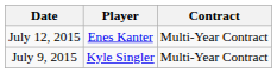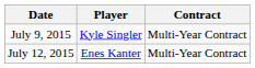 <table class="wikitable" style="text-align: center">
 <tr>
 <th>Date</th>
 <th>Player</th>
 <th>Contract</th>
 </tr>
 <tr style="text-align: center">
+<td>July 9, 2015</td>
+<td><a href='#'>Kyle Singler</a></td>
+<td>Multi-Year Contract</td>
+</tr>
+<tr style="text-align: center">
 <td>July 12, 2015</td>
 <td><a href='#'>Enes Kanter</a></td>
 <td>Multi-Year Contract</td>
 </tr>
-<tr style="text-align: center">
-<td>July 9, 2015</td>
-<td><a href='#'>Kyle Singler</a></td>
-<td>Multi-Year Contract</td>
-</tr>
 </table>
